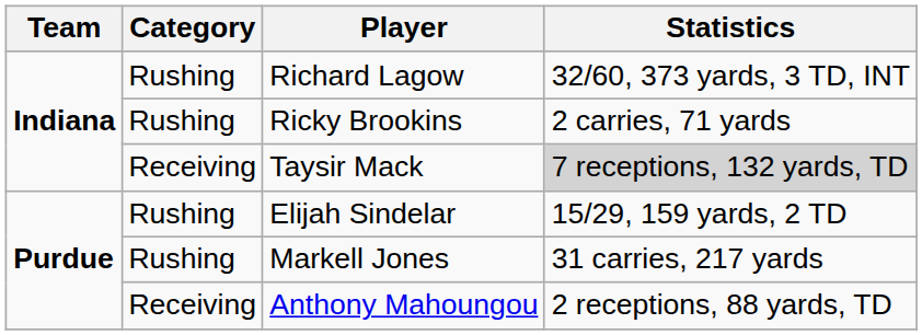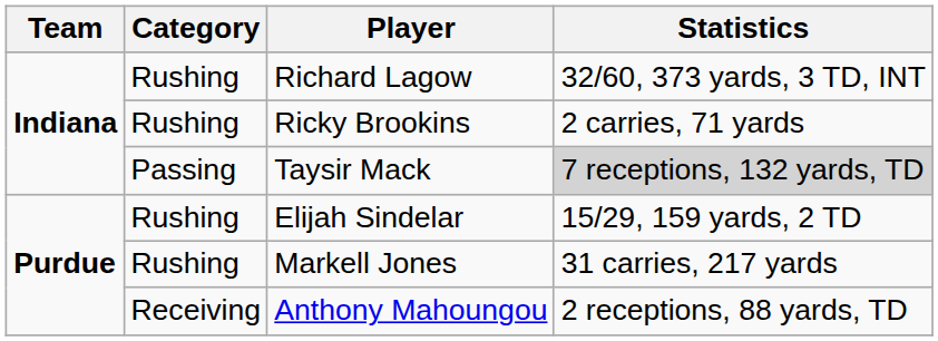 <table class="wikitable" style="float: right;">
 <tr>
 <th>Team</th>
 <th>Category</th>
 <th>Player</th>
 <th>Statistics</th>
 </tr>
 <tr>
 <td rowspan=3><strong>Indiana</strong></td>
 <td>Rushing</td>
 <td>Richard Lagow</td>
 <td>32/60, 373 yards, 3 TD, INT</td>
 </tr>
 <tr>
 <td>Rushing</td>
 <td>Ricky Brookins</td>
 <td>2 carries, 71 yards</td>
 </tr>
 <tr>
-<td>Receiving</td>
+<td>Passing</td>
 <td>Taysir Mack</td>
 <td style="background: lightgrey;">7 receptions, 132 yards, TD</td>
 </tr>
 <tr>
 <td rowspan=3><strong>Purdue</strong></td>
 <td>Rushing</td>
 <td>Elijah Sindelar</td>
 <td>15/29, 159 yards, 2 TD</td>
 </tr>
 <tr>
 <td>Rushing</td>
 <td>Markell Jones</td>
 <td>31 carries, 217 yards</td>
 </tr>
 <tr>
 <td>Receiving</td>
 <td><a href='#'>Anthony Mahoungou</a></td>
 <td>2 receptions, 88 yards, TD</td>
 </tr>
 </table>
